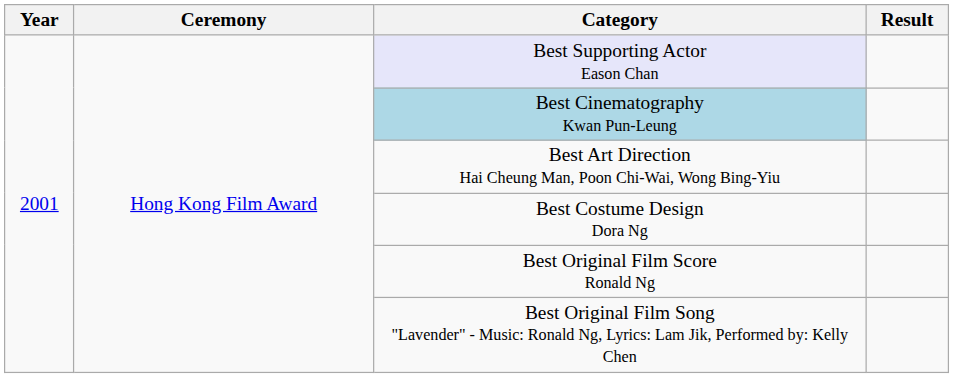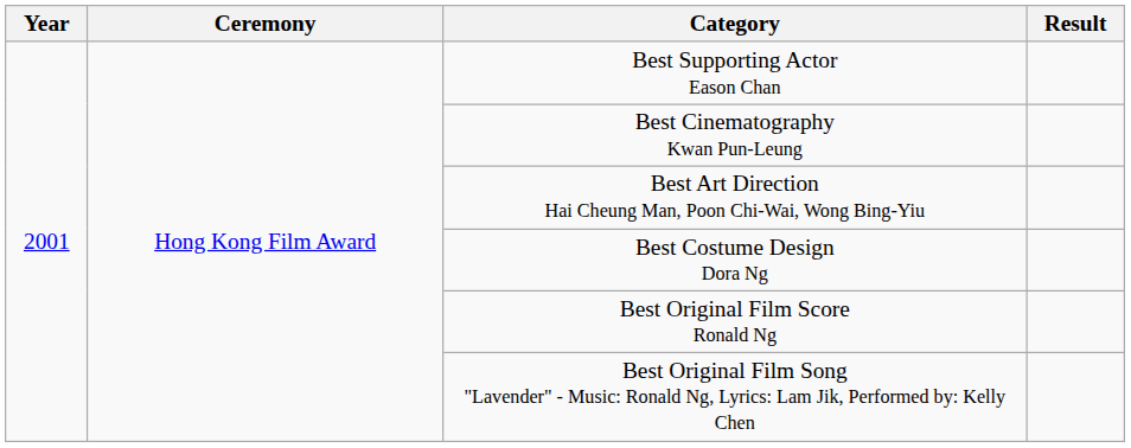 <table class="wikitable">
 <tr>
 <th style="width:50px;">Year</th>
 <th style="width:240px;">Ceremony</th>
 <th style="width:400px;">Category</th>
 <th style="width:60px;">Result</th>
 </tr>
 <tr>
 <td align="center" rowspan=6><a href='#'>2001</a></td>
 <td align="center" rowspan=6><a href='#'>Hong Kong Film Award</a></td>
-<td align="center" style="background: lavender;">Best Supporting Actor<br><small>Eason Chan</small></td>
+<td align="center">Best Supporting Actor<br><small>Eason Chan</small></td>
 <td></td>
 </tr>
 <tr>
-<td align="center" style="background: lightblue;">Best Cinematography<br><small>Kwan Pun-Leung</small></td>
+<td align="center">Best Cinematography<br><small>Kwan Pun-Leung</small></td>
 <td></td>
 </tr>
 <tr>
 <td align="center">Best Art Direction<br><small>Hai Cheung Man, Poon Chi-Wai, Wong Bing-Yiu</small></td>
 <td></td>
 </tr>
 <tr>
 <td align="center">Best Costume Design<br><small>Dora Ng</small></td>
 <td></td>
 </tr>
 <tr>
 <td align="center">Best Original Film Score<br><small>Ronald Ng</small></td>
 <td></td>
 </tr>
 <tr>
 <td align="center">Best Original Film Song<br><small>"Lavender" - Music: Ronald Ng, Lyrics: Lam Jik, Performed by: Kelly Chen</small></td>
 <td></td>
 </tr>
 </table>
